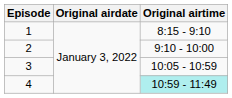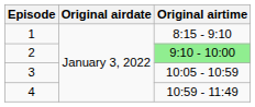 <table class="wikitable" style="text-align: center;">
 <tr>
 <th>Episode</th>
 <th>Original airdate</th>
 <th>Original airtime</th>
 </tr>
 <tr>
 <td>1</td>
 <td rowspan="4">January 3, 2022</td>
 <td>8:15 - 9:10</td>
 </tr>
 <tr>
 <td>2</td>
-<td>9:10 - 10:00</td>
+<td style="background: lightgreen;">9:10 - 10:00</td>
 </tr>
 <tr>
 <td>3</td>
 <td>10:05 - 10:59</td>
 </tr>
 <tr>
 <td>4</td>
-<td style="background: paleturquoise;">10:59 - 11:49</td>
+<td>10:59 - 11:49</td>
 </tr>
 </table>
